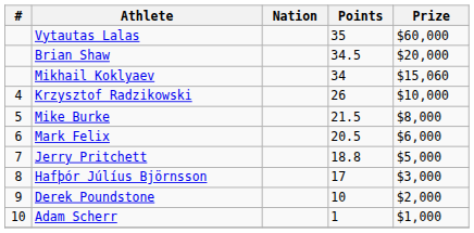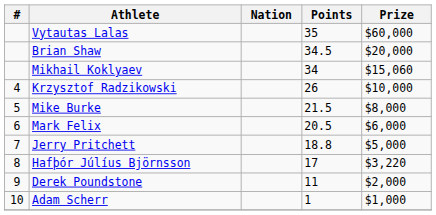 <table class="wikitable" style="display: inline-table;width: 55%;">
 <tr>
 <th scope="col">#</th>
 <th scope="col">Athlete</th>
 <th scope="col">Nation</th>
 <th scope="col">Points</th>
 <th scope="col">Prize</th>
 </tr>
 <tr>
 <td align="center"></td>
 <td><a href='#'>Vytautas Lalas</a></td>
 <td></td>
 <td>35</td>
 <td>$60,000</td>
 </tr>
 <tr>
 <td align="center"></td>
 <td><a href='#'>Brian Shaw</a></td>
 <td></td>
 <td>34.5</td>
 <td>$20,000</td>
 </tr>
 <tr>
 <td align="center"></td>
 <td><a href='#'>Mikhail Koklyaev</a></td>
 <td></td>
 <td>34</td>
 <td>$15,060</td>
 </tr>
 <tr>
 <td align="center">4</td>
 <td><a href='#'>Krzysztof Radzikowski</a></td>
 <td></td>
 <td>26</td>
 <td>$10,000</td>
 </tr>
 <tr>
 <td align="center">5</td>
 <td><a href='#'>Mike Burke</a></td>
 <td></td>
 <td>21.5</td>
 <td>$8,000</td>
 </tr>
 <tr>
 <td align="center">6</td>
 <td><a href='#'>Mark Felix</a></td>
 <td></td>
 <td>20.5</td>
 <td>$6,000</td>
 </tr>
 <tr>
 <td align="center">7</td>
 <td><a href='#'>Jerry Pritchett</a></td>
 <td></td>
 <td>18.8</td>
 <td>$5,000</td>
 </tr>
 <tr>
 <td align="center">8</td>
 <td><a href='#'>Hafþór Júlíus Björnsson</a></td>
 <td></td>
 <td>17</td>
-<td>$3,000</td>
+<td>$3,220</td>
 </tr>
 <tr>
 <td align="center">9</td>
 <td><a href='#'>Derek Poundstone</a></td>
 <td></td>
-<td>10</td>
+<td>11</td>
 <td>$2,000</td>
 </tr>
 <tr>
 <td align="center">10</td>
 <td><a href='#'>Adam Scherr</a></td>
 <td></td>
 <td>1</td>
 <td>$1,000</td>
 </tr>
 <tr>
 </tr>
 </table>
